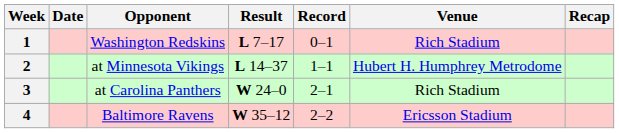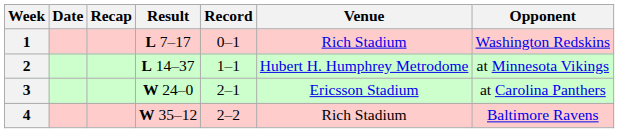 <table class="wikitable" style="text-align:center">
 <tr>
 <th>Week</th>
 <th>Date</th>
-<th>Opponent</th>
+<th>Recap</th>
 <th>Result</th>
 <th>Record</th>
 <th>Venue</th>
-<th>Recap</th>
+<th>Opponent</th>
 </tr>
 <tr style="background: #fcc;">
 <th>1</th>
 <td></td>
-<td><a href='#'>Washington Redskins</a></td>
+<td></td>
 <td><strong>L</strong> 7–17</td>
 <td>0–1</td>
 <td><a href='#'>Rich Stadium</a></td>
-<td></td>
+<td><a href='#'>Washington Redskins</a></td>
 </tr>
 <tr style="background: #cfc;">
 <th>2</th>
 <td></td>
-<td>at <a href='#'>Minnesota Vikings</a></td>
+<td></td>
 <td><strong>L</strong> 14–37</td>
 <td>1–1</td>
 <td><a href='#'>Hubert H. Humphrey Metrodome</a></td>
-<td></td>
+<td>at <a href='#'>Minnesota Vikings</a></td>
 </tr>
 <tr style="background: #cfc;">
 <th>3</th>
 <td></td>
-<td>at <a href='#'>Carolina Panthers</a></td>
+<td></td>
 <td><strong>W</strong> 24–0</td>
 <td>2–1</td>
-<td>Rich Stadium</td>
-<td></td>
+<td><a href='#'>Ericsson Stadium</a></td>
+<td>at <a href='#'>Carolina Panthers</a></td>
 </tr>
 <tr style="background: #fcc;">
 <th>4</th>
 <td></td>
-<td><a href='#'>Baltimore Ravens</a></td>
+<td></td>
 <td><strong>W</strong> 35–12</td>
 <td>2–2</td>
-<td><a href='#'>Ericsson Stadium</a></td>
-<td></td>
+<td>Rich Stadium</td>
+<td><a href='#'>Baltimore Ravens</a></td>
 </tr>
 </table>
